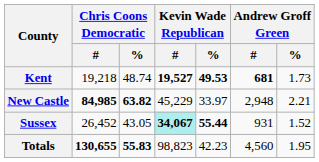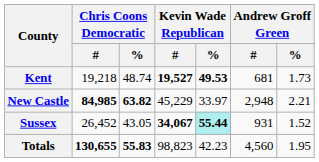 <table class="wikitable sortable" style="text-align:right;font-size:90%;line-height:1.3">
 <tr>
 <th rowspan="2">County</th>
 <th colspan="2"><a href='#'>Chris Coons</a><br><a href='#'>Democratic</a></th>
 <th colspan="2">Kevin Wade<br><a href='#'>Republican</a></th>
 <th colspan="2">Andrew Groff<br><a href='#'>Green</a></th>
 </tr>
 <tr>
 <th data-sort-type="number">#</th>
 <th data-sort-type="number">%</th>
 <th data-sort-type="number">#</th>
 <th data-sort-type="number">%</th>
 <th data-sort-type="number">#</th>
 <th data-sort-type="number">%</th>
 </tr>
 <tr>
 <th><a href='#'>Kent</a></th>
 <td>19,218</td>
 <td>48.74</td>
 <td><strong>19,527</strong></td>
 <td><strong>49.53</strong></td>
-<td><strong>681</strong></td>
+<td>681</td>
 <td>1.73</td>
 </tr>
 <tr>
 <th><a href='#'>New Castle</a></th>
 <td><strong>84,985</strong></td>
 <td><strong>63.82</strong></td>
 <td>45,229</td>
 <td>33.97</td>
 <td>2,948</td>
 <td>2.21</td>
 </tr>
 <tr>
 <th><a href='#'>Sussex</a></th>
 <td>26,452</td>
 <td>43.05</td>
-<td style="background: paleturquoise;"><strong>34,067</strong></td>
-<td><strong>55.44</strong></td>
+<td><strong>34,067</strong></td>
+<td style="background: paleturquoise;"><strong>55.44</strong></td>
 <td>931</td>
 <td>1.52</td>
 </tr>
 <tr class="sortbottom">
 <th>Totals</th>
 <td><strong>130,655</strong></td>
 <td><strong>55.83</strong></td>
 <td>98,823</td>
 <td>42.23</td>
 <td>4,560</td>
 <td>1.95</td>
 </tr>
 </table>
